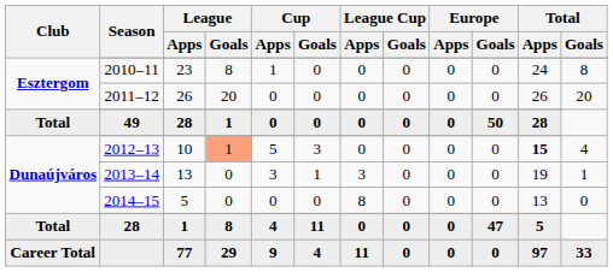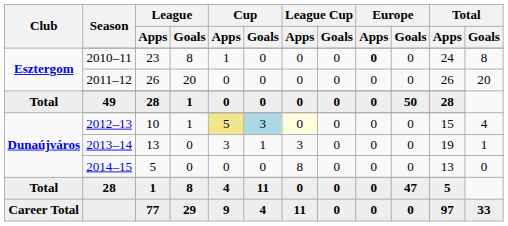 <table class="wikitable" style="font-size:90%; text-align: center;">
 <tr>
 <th rowspan="2">Club</th>
 <th rowspan="2">Season</th>
 <th colspan="2">League</th>
 <th colspan="2">Cup</th>
 <th colspan="2">League Cup</th>
 <th colspan="2">Europe</th>
 <th colspan="2">Total</th>
 </tr>
 <tr>
 <th>Apps</th>
 <th>Goals</th>
 <th>Apps</th>
 <th>Goals</th>
 <th>Apps</th>
 <th>Goals</th>
 <th>Apps</th>
 <th>Goals</th>
 <th>Apps</th>
 <th>Goals</th>
 </tr>
 <tr ||-||-||-|->
 <td rowspan="4" valign="center"><strong><a href='#'>Esztergom</a></strong></td>
 </tr>
 <tr>
 <td>2010–11</td>
 <td>23</td>
 <td>8</td>
 <td>1</td>
 <td>0</td>
 <td>0</td>
 <td>0</td>
-<td>0</td>
+<td><strong>0</strong></td>
 <td>0</td>
 <td>24</td>
 <td>8</td>
 </tr>
 <tr>
 <td>2011–12</td>
 <td>26</td>
 <td>20</td>
 <td>0</td>
 <td>0</td>
 <td>0</td>
 <td>0</td>
 <td>0</td>
 <td>0</td>
 <td>26</td>
 <td>20</td>
 </tr>
 <tr>
 </tr>
 <tr style="font-weight:bold; background-color:#eeeeee;">
 <td>Total</td>
 <td>49</td>
 <td>28</td>
 <td>1</td>
 <td>0</td>
 <td>0</td>
 <td>0</td>
 <td>0</td>
 <td>0</td>
 <td>50</td>
 <td>28</td>
 </tr>
 <tr>
 <td rowspan="5" valign="center"><strong><a href='#'>Dunaújváros</a></strong></td>
 </tr>
 <tr>
 <td><a href='#'>2012–13</a></td>
 <td>10</td>
-<td style="background: lightsalmon;">1</td>
-<td>5</td>
-<td>3</td>
+<td>1</td>
+<td style="background: khaki;">5</td>
+<td style="background: lightblue;">3</td>
+<td style="background: lightyellow;">0</td>
 <td>0</td>
 <td>0</td>
 <td>0</td>
-<td>0</td>
-<td><strong>15</strong></td>
+<td>15</td>
 <td>4</td>
 </tr>
 <tr>
 <td><a href='#'>2013–14</a></td>
 <td>13</td>
 <td>0</td>
 <td>3</td>
 <td>1</td>
 <td>3</td>
 <td>0</td>
 <td>0</td>
 <td>0</td>
 <td>19</td>
 <td>1</td>
 </tr>
 <tr>
 <td><a href='#'>2014–15</a></td>
 <td>5</td>
 <td>0</td>
 <td>0</td>
 <td>0</td>
 <td>8</td>
 <td>0</td>
 <td>0</td>
 <td>0</td>
 <td>13</td>
 <td>0</td>
 </tr>
 <tr>
 </tr>
 <tr style="font-weight:bold; background-color:#eeeeee;">
 <td>Total</td>
 <td>28</td>
 <td>1</td>
 <td>8</td>
 <td>4</td>
 <td>11</td>
 <td>0</td>
 <td>0</td>
 <td>0</td>
 <td>47</td>
 <td>5</td>
 </tr>
 <tr style="font-weight:bold; background-color:#eeeeee;">
 <td rowspan="1" valign="top"><strong>Career Total</strong></td>
 <td></td>
 <td><strong>77</strong></td>
 <td><strong>29</strong></td>
 <td><strong>9</strong></td>
 <td><strong>4</strong></td>
 <td><strong>11</strong></td>
 <td><strong>0</strong></td>
 <td><strong>0</strong></td>
 <td><strong>0</strong></td>
 <td><strong>97</strong></td>
 <td><strong>33</strong></td>
 </tr>
 </table>
